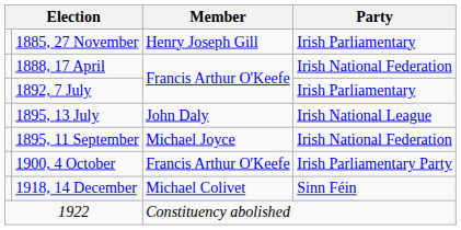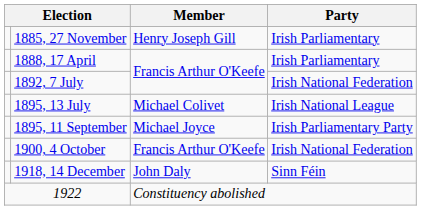 <table class="wikitable">
 <tr>
 <th colspan="2">Election</th>
 <th>Member</th>
 <th>Party</th>
 </tr>
 <tr>
 <td style="color:inherit;background-color: "></td>
 <td><a href='#'>1885, 27 November</a></td>
 <td><a href='#'>Henry Joseph Gill</a></td>
 <td><a href='#'>Irish Parliamentary</a></td>
 </tr>
 <tr>
 <td style="color:inherit;background-color: "></td>
 <td><a href='#'>1888, 17 April</a></td>
 <td rowspan="2"><a href='#'>Francis Arthur O'Keefe</a></td>
+<td><a href='#'>Irish Parliamentary</a></td>
+</tr>
+<tr>
+<td style="color:inherit;background-color: "></td>
+<td><a href='#'>1892, 7 July</a></td>
 <td><a href='#'>Irish National Federation</a></td>
 </tr>
 <tr>
 <td style="color:inherit;background-color: "></td>
-<td><a href='#'>1892, 7 July</a></td>
-<td><a href='#'>Irish Parliamentary</a></td>
-</tr>
-<tr>
-<td style="color:inherit;background-color: "></td>
 <td><a href='#'>1895, 13 July</a></td>
-<td><a href='#'>John Daly</a></td>
+<td><a href='#'>Michael Colivet</a></td>
 <td><a href='#'>Irish National League</a></td>
 </tr>
 <tr>
 <td style="color:inherit;background-color: "></td>
 <td><a href='#'>1895, 11 September</a></td>
 <td><a href='#'>Michael Joyce</a></td>
-<td><a href='#'>Irish National Federation</a></td>
+<td><a href='#'>Irish Parliamentary Party</a></td>
 </tr>
 <tr>
 <td style="color:inherit;background-color: "></td>
 <td><a href='#'>1900, 4 October</a></td>
 <td><a href='#'>Francis Arthur O'Keefe</a></td>
-<td><a href='#'>Irish Parliamentary Party</a></td>
+<td><a href='#'>Irish National Federation</a></td>
 </tr>
 <tr>
 <td style="color:inherit;background-color: "></td>
 <td><a href='#'>1918, 14 December</a></td>
-<td><a href='#'>Michael Colivet</a></td>
+<td><a href='#'>John Daly</a></td>
 <td><a href='#'>Sinn Féin</a></td>
 </tr>
 <tr>
 <td colspan="2" align="center"><em>1922</em></td>
 <td colspan="2"><em>Constituency abolished</em></td>
 </tr>
 </table>
